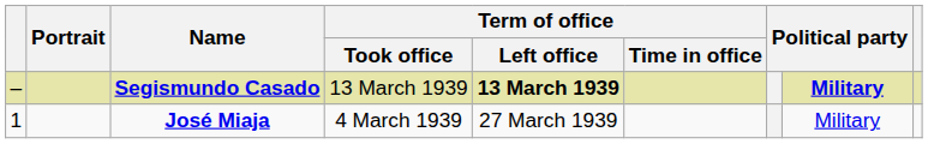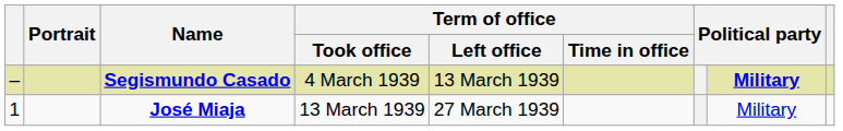 <table class="wikitable" style="text-align:center">
 <tr>
 <th rowspan=2></th>
 <th rowspan=2>Portrait</th>
 <th rowspan=2>Name<br></th>
 <th colspan=3>Term of office</th>
 <th colspan=2 rowspan=2>Political party</th>
 <th rowspan=2></th>
 </tr>
 <tr>
 <th>Took office</th>
 <th>Left office</th>
 <th>Time in office</th>
 </tr>
 <tr style="background:#e6e6aa;">
 <td>–</td>
 <td></td>
 <td><strong><a href='#'>Segismundo Casado</a></strong><br></td>
+<td>4 March 1939</td>
 <td>13 March 1939</td>
-<td><strong>13 March 1939</strong></td>
 <td></td>
 <th style="background-color:"></th>
 <td><strong><a href='#'>Military</a></strong></td>
 <td></td>
 </tr>
 <tr>
 <td>1</td>
 <td></td>
 <td><strong><a href='#'>José Miaja</a></strong><br></td>
-<td>4 March 1939</td>
+<td>13 March 1939</td>
 <td>27 March 1939</td>
 <td></td>
 <th style="background-color:"></th>
 <td><a href='#'>Military</a></td>
 <td></td>
 </tr>
 </table>
